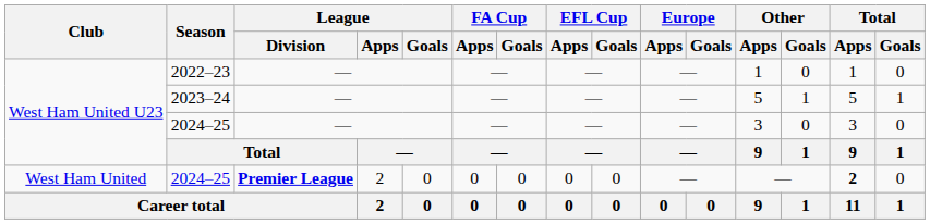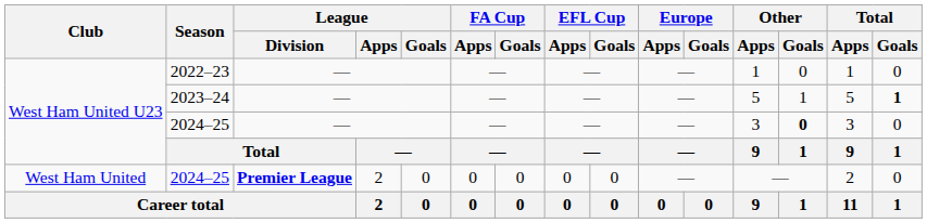 <table class=wikitable style=text-align:center>
 <tr>
 <th rowspan="2">Club</th>
 <th rowspan="2">Season</th>
 <th colspan="3">League</th>
 <th colspan="2"><a href='#'>FA Cup</a></th>
 <th colspan="2"><a href='#'>EFL Cup</a></th>
 <th colspan="2"><a href='#'>Europe</a></th>
 <th colspan="2">Other</th>
 <th colspan="2">Total</th>
 </tr>
 <tr>
 <th>Division</th>
 <th>Apps</th>
 <th>Goals</th>
 <th>Apps</th>
 <th>Goals</th>
 <th>Apps</th>
 <th>Goals</th>
 <th>Apps</th>
 <th>Goals</th>
 <th>Apps</th>
 <th>Goals</th>
 <th>Apps</th>
 <th>Goals</th>
 </tr>
 <tr>
 <td rowspan="4"><a href='#'>West Ham United U23</a></td>
 <td>2022–23</td>
 <td colspan="3">—</td>
 <td colspan="2">—</td>
 <td colspan="2">—</td>
 <td colspan="2">—</td>
 <td>1</td>
 <td>0</td>
 <td>1</td>
 <td>0</td>
 </tr>
 <tr>
 <td>2023–24</td>
 <td colspan="3">—</td>
 <td colspan="2">—</td>
 <td colspan="2">—</td>
 <td colspan="2">—</td>
 <td>5</td>
 <td>1</td>
 <td>5</td>
-<td>1</td>
+<td><strong>1</strong></td>
 </tr>
 <tr>
 <td>2024–25</td>
 <td colspan="3">—</td>
 <td colspan="2">—</td>
 <td colspan="2">—</td>
 <td colspan="2">—</td>
 <td>3</td>
-<td>0</td>
+<td><strong>0</strong></td>
 <td>3</td>
 <td>0</td>
 </tr>
 <tr>
 <th colspan="2">Total</th>
 <th colspan="2">—</th>
 <th colspan="2">—</th>
 <th colspan="2">—</th>
 <th colspan="2">—</th>
 <th>9</th>
 <th>1</th>
 <th>9</th>
 <th>1</th>
 </tr>
 <tr>
 <td><a href='#'>West Ham United</a></td>
 <td><a href='#'>2024–25</a></td>
 <td><strong><a href='#'>Premier League</a></strong></td>
 <td>2</td>
 <td>0</td>
 <td>0</td>
 <td>0</td>
 <td>0</td>
 <td>0</td>
 <td colspan="2">—</td>
 <td colspan="2">—</td>
-<td><strong>2</strong></td>
+<td>2</td>
 <td>0</td>
 </tr>
 <tr>
 <th colspan="3">Career total</th>
 <th>2</th>
 <th>0</th>
 <th>0</th>
 <th>0</th>
 <th>0</th>
 <th>0</th>
 <th>0</th>
 <th>0</th>
 <th>9</th>
 <th>1</th>
 <th>11</th>
 <th>1</th>
 </tr>
 </table>
